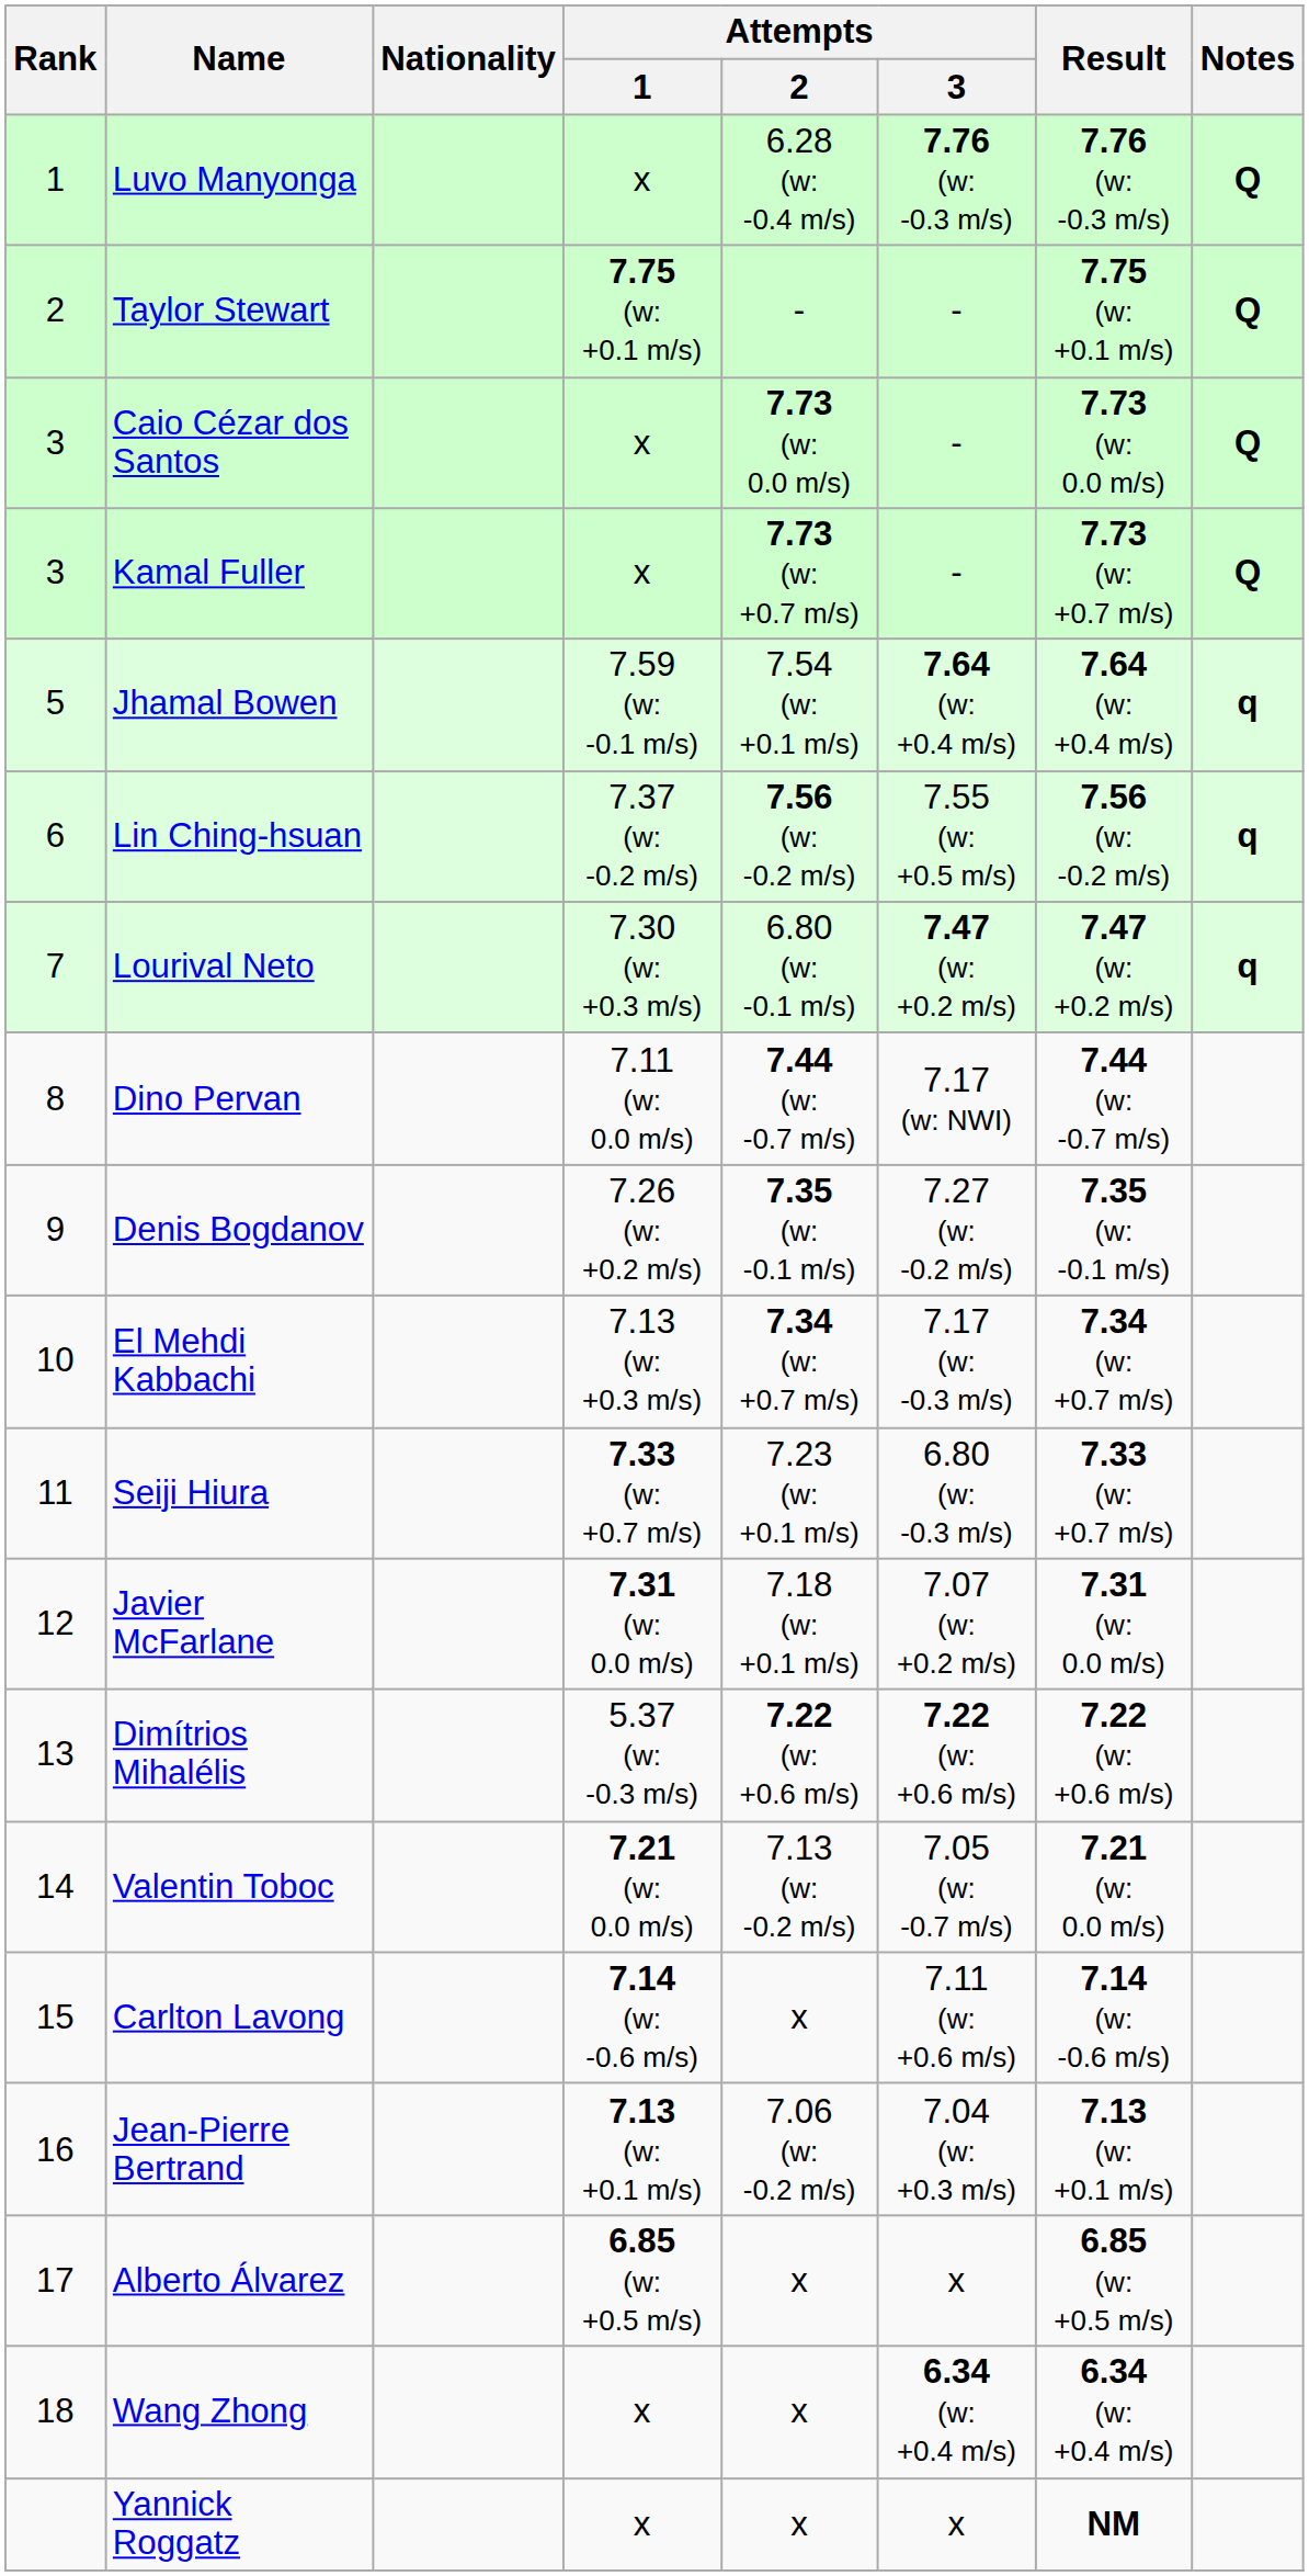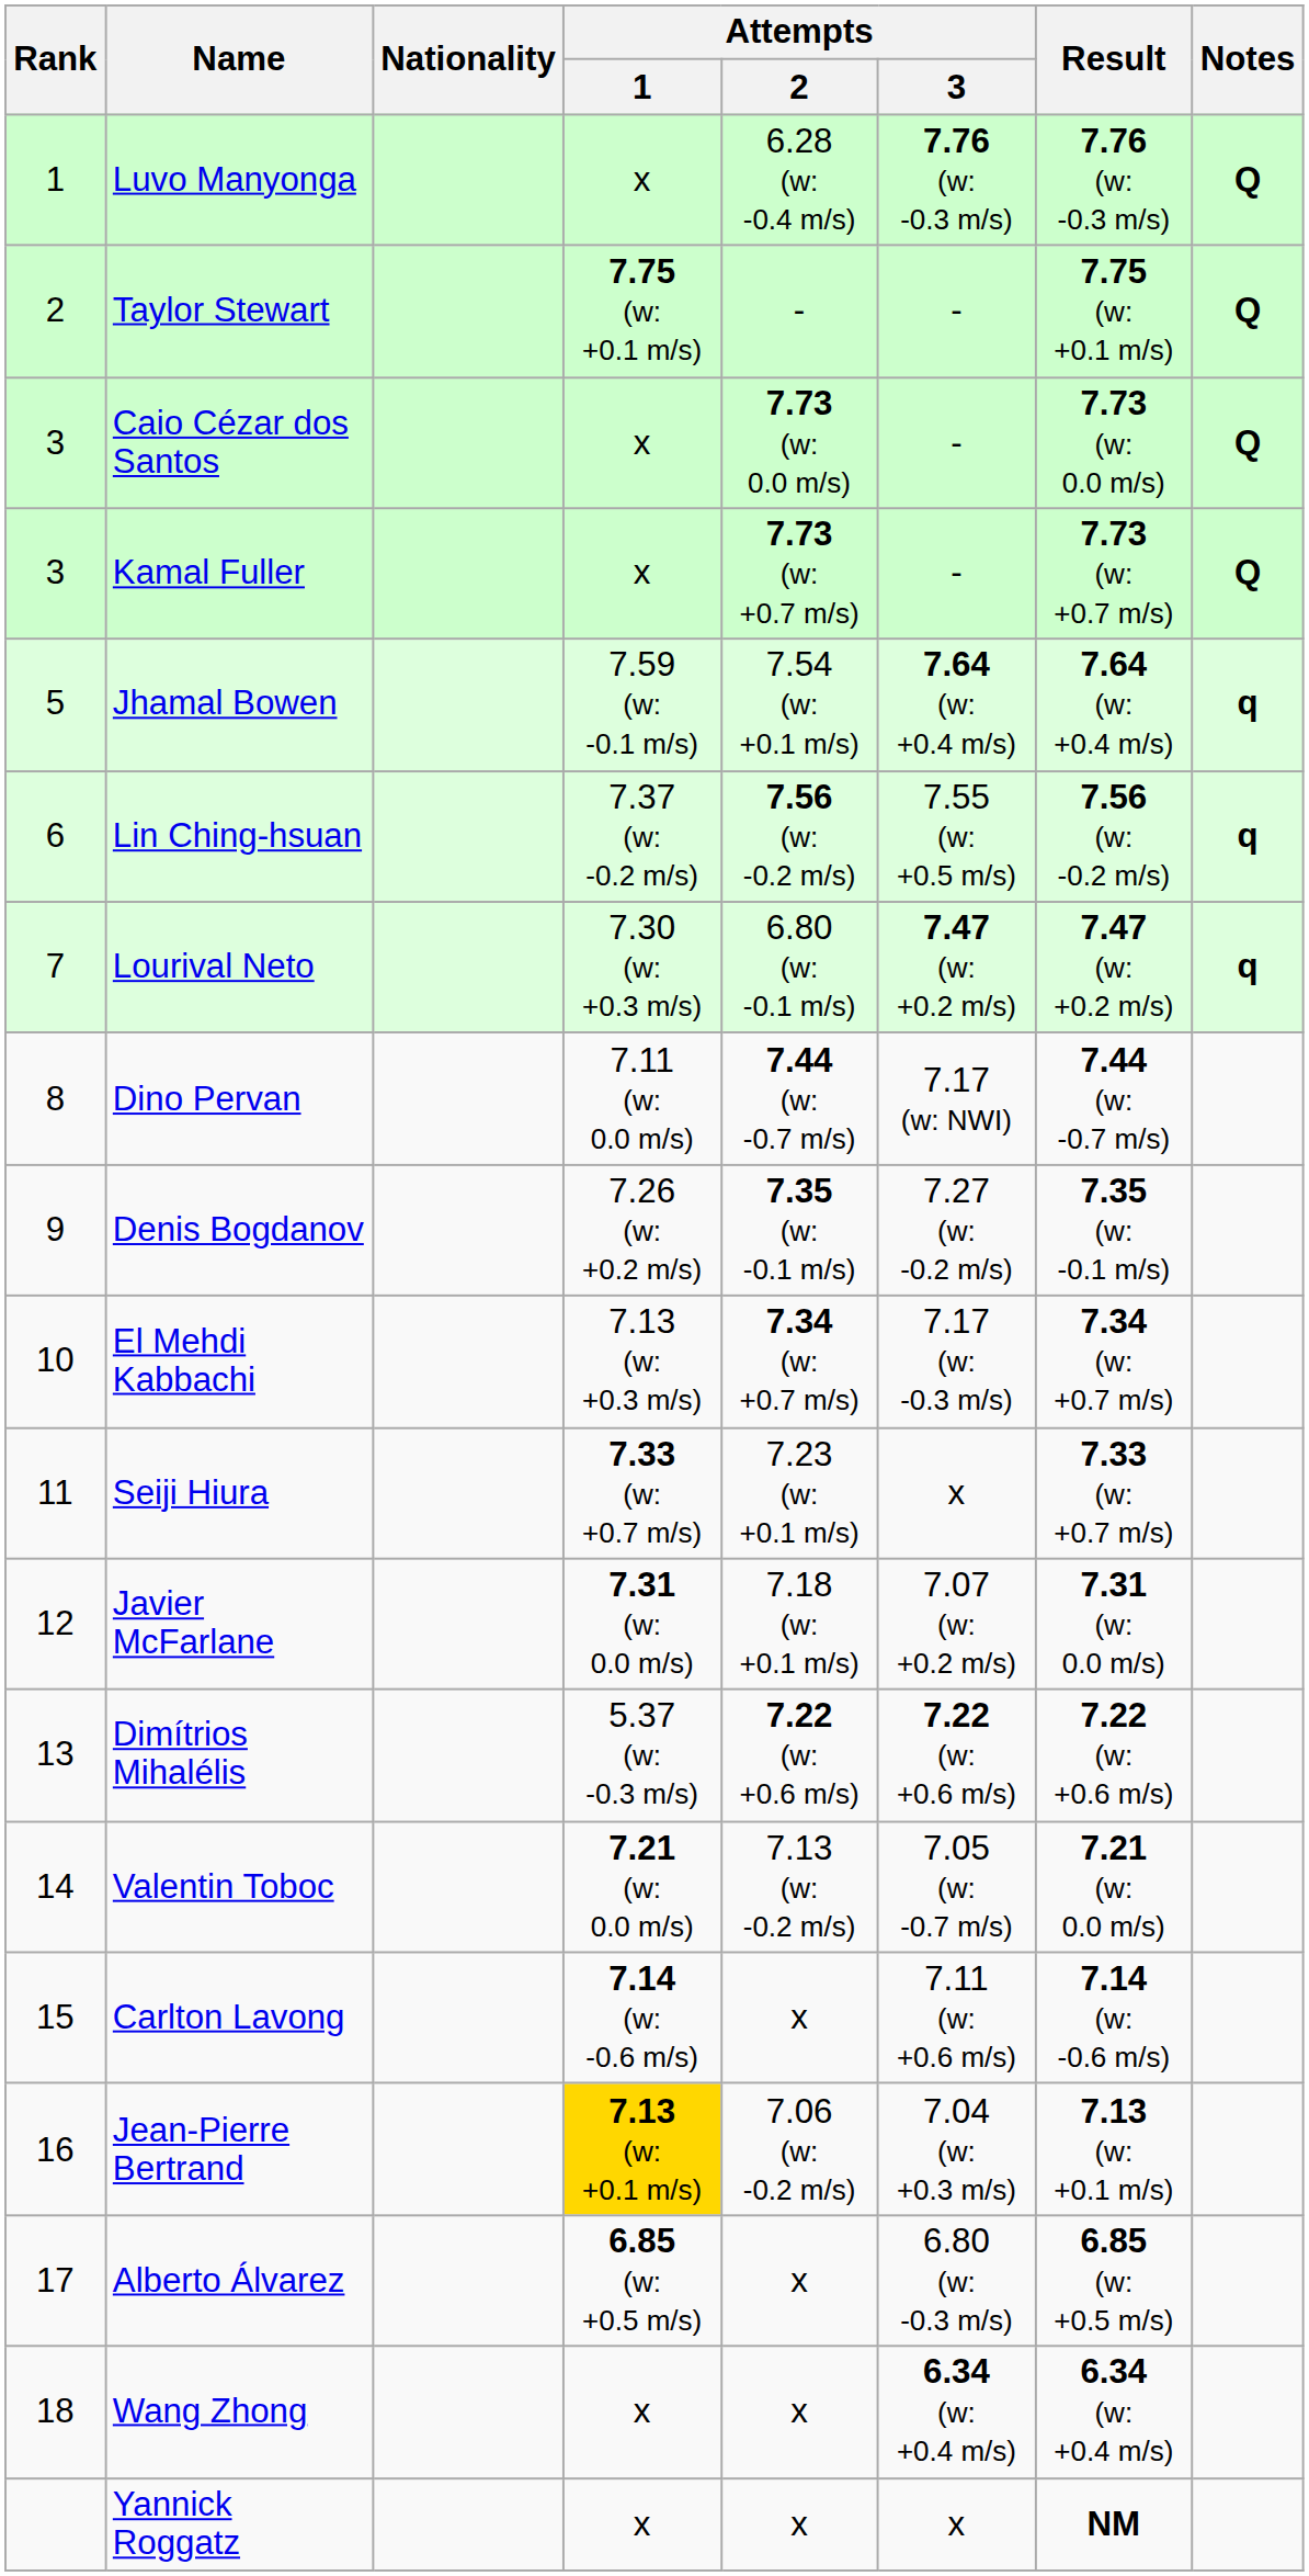 <table class="wikitable sortable" style="text-align:center">
 <tr>
 <th rowspan=2>Rank</th>
 <th rowspan=2>Name</th>
 <th rowspan=2>Nationality</th>
 <th colspan=3>Attempts</th>
 <th rowspan=2>Result</th>
 <th rowspan=2>Notes</th>
 </tr>
 <tr>
 <th>1</th>
 <th>2</th>
 <th>3</th>
 </tr>
 <tr bgcolor=ccffcc>
 <td>1</td>
 <td align=left><a href='#'>Luvo Manyonga</a></td>
 <td align=left></td>
 <td>x</td>
 <td>6.28<br><small>(w: -0.4 m/s)</small></td>
 <td><strong>7.76</strong><br><small>(w: -0.3 m/s)</small></td>
 <td><strong>7.76</strong> <br><small>(w: -0.3 m/s)</small></td>
 <td><strong>Q</strong></td>
 </tr>
 <tr bgcolor=ccffcc>
 <td>2</td>
 <td align=left><a href='#'>Taylor Stewart</a></td>
 <td align=left></td>
 <td><strong>7.75</strong><br><small>(w: +0.1 m/s)</small></td>
 <td>-</td>
 <td>-</td>
 <td><strong>7.75</strong> <br><small>(w: +0.1 m/s)</small></td>
 <td><strong>Q</strong></td>
 </tr>
 <tr bgcolor=ccffcc>
 <td>3</td>
 <td align=left><a href='#'>Caio Cézar dos Santos</a></td>
 <td align=left></td>
 <td>x</td>
 <td><strong>7.73</strong><br><small>(w: 0.0 m/s)</small></td>
 <td>-</td>
 <td><strong>7.73</strong> <br><small>(w: 0.0 m/s)</small></td>
 <td><strong>Q</strong></td>
 </tr>
 <tr bgcolor=ccffcc>
 <td>3</td>
 <td align=left><a href='#'>Kamal Fuller</a></td>
 <td align=left></td>
 <td>x</td>
 <td><strong>7.73</strong><br><small>(w: +0.7 m/s)</small></td>
 <td>-</td>
 <td><strong>7.73</strong> <br><small>(w: +0.7 m/s)</small></td>
 <td><strong>Q</strong></td>
 </tr>
 <tr bgcolor=ddffdd>
 <td>5</td>
 <td align=left><a href='#'>Jhamal Bowen</a></td>
 <td align=left></td>
 <td>7.59<br><small>(w: -0.1 m/s)</small></td>
 <td>7.54<br><small>(w: +0.1 m/s)</small></td>
 <td><strong>7.64</strong><br><small>(w: +0.4 m/s)</small></td>
 <td><strong>7.64</strong> <br><small>(w: +0.4 m/s)</small></td>
 <td><strong>q</strong></td>
 </tr>
 <tr bgcolor=ddffdd>
 <td>6</td>
 <td align=left><a href='#'>Lin Ching-hsuan</a></td>
 <td align=left></td>
 <td>7.37<br><small>(w: -0.2 m/s)</small></td>
 <td><strong>7.56</strong><br><small>(w: -0.2 m/s)</small></td>
 <td>7.55<br><small>(w: +0.5 m/s)</small></td>
 <td><strong>7.56</strong> <br><small>(w: -0.2 m/s)</small></td>
 <td><strong>q</strong></td>
 </tr>
 <tr bgcolor=ddffdd>
 <td>7</td>
 <td align=left><a href='#'>Lourival Neto</a></td>
 <td align=left></td>
 <td>7.30<br><small>(w: +0.3 m/s)</small></td>
 <td>6.80<br><small>(w: -0.1 m/s)</small></td>
 <td><strong>7.47</strong><br><small>(w: +0.2 m/s)</small></td>
 <td><strong>7.47</strong> <br><small>(w: +0.2 m/s)</small></td>
 <td><strong>q</strong></td>
 </tr>
 <tr>
 <td>8</td>
 <td align=left><a href='#'>Dino Pervan</a></td>
 <td align=left></td>
 <td>7.11<br><small>(w: 0.0 m/s)</small></td>
 <td><strong>7.44</strong><br><small>(w: -0.7 m/s)</small></td>
 <td>7.17<br><small>(w: NWI)</small></td>
 <td><strong>7.44</strong> <br><small>(w: -0.7 m/s)</small></td>
 <td></td>
 </tr>
 <tr>
 <td>9</td>
 <td align=left><a href='#'>Denis Bogdanov</a></td>
 <td align=left></td>
 <td>7.26<br><small>(w: +0.2 m/s)</small></td>
 <td><strong>7.35</strong><br><small>(w: -0.1 m/s)</small></td>
 <td>7.27<br><small>(w: -0.2 m/s)</small></td>
 <td><strong>7.35</strong> <br><small>(w: -0.1 m/s)</small></td>
 <td></td>
 </tr>
 <tr>
 <td>10</td>
 <td align=left><a href='#'>El Mehdi Kabbachi</a></td>
 <td align=left></td>
 <td>7.13<br><small>(w: +0.3 m/s)</small></td>
 <td><strong>7.34</strong><br><small>(w: +0.7 m/s)</small></td>
 <td>7.17<br><small>(w: -0.3 m/s)</small></td>
 <td><strong>7.34</strong> <br><small>(w: +0.7 m/s)</small></td>
 <td></td>
 </tr>
 <tr>
 <td>11</td>
 <td align=left><a href='#'>Seiji Hiura</a></td>
 <td align=left></td>
 <td><strong>7.33</strong><br><small>(w: +0.7 m/s)</small></td>
 <td>7.23<br><small>(w: +0.1 m/s)</small></td>
-<td>6.80<br><small>(w: -0.3 m/s)</small></td>
+<td>x</td>
 <td><strong>7.33</strong> <br><small>(w: +0.7 m/s)</small></td>
 <td></td>
 </tr>
 <tr>
 <td>12</td>
 <td align=left><a href='#'>Javier McFarlane</a></td>
 <td align=left></td>
 <td><strong>7.31</strong><br><small>(w: 0.0 m/s)</small></td>
 <td>7.18<br><small>(w: +0.1 m/s)</small></td>
 <td>7.07<br><small>(w: +0.2 m/s)</small></td>
 <td><strong>7.31</strong> <br><small>(w: 0.0 m/s)</small></td>
 <td></td>
 </tr>
 <tr>
 <td>13</td>
 <td align=left><a href='#'>Dimítrios Mihalélis</a></td>
 <td align=left></td>
 <td>5.37<br><small>(w: -0.3 m/s)</small></td>
 <td><strong>7.22</strong><br><small>(w: +0.6 m/s)</small></td>
 <td><strong>7.22</strong><br><small>(w: +0.6 m/s)</small></td>
 <td><strong>7.22</strong> <br><small>(w: +0.6 m/s)</small></td>
 <td></td>
 </tr>
 <tr>
 <td>14</td>
 <td align=left><a href='#'>Valentin Toboc</a></td>
 <td align=left></td>
 <td><strong>7.21</strong><br><small>(w: 0.0 m/s)</small></td>
 <td>7.13<br><small>(w: -0.2 m/s)</small></td>
 <td>7.05<br><small>(w: -0.7 m/s)</small></td>
 <td><strong>7.21</strong> <br><small>(w: 0.0 m/s)</small></td>
 <td></td>
 </tr>
 <tr>
 <td>15</td>
 <td align=left><a href='#'>Carlton Lavong</a></td>
 <td align=left></td>
 <td><strong>7.14</strong><br><small>(w: -0.6 m/s)</small></td>
 <td>x</td>
 <td>7.11<br><small>(w: +0.6 m/s)</small></td>
 <td><strong>7.14</strong> <br><small>(w: -0.6 m/s)</small></td>
 <td></td>
 </tr>
 <tr>
 <td>16</td>
 <td align=left><a href='#'>Jean-Pierre Bertrand</a></td>
 <td align=left></td>
-<td><strong>7.13</strong><br><small>(w: +0.1 m/s)</small></td>
+<td style="background: gold;"><strong>7.13</strong><br><small>(w: +0.1 m/s)</small></td>
 <td>7.06<br><small>(w: -0.2 m/s)</small></td>
 <td>7.04<br><small>(w: +0.3 m/s)</small></td>
 <td><strong>7.13</strong> <br><small>(w: +0.1 m/s)</small></td>
 <td></td>
 </tr>
 <tr>
 <td>17</td>
 <td align=left><a href='#'>Alberto Álvarez</a></td>
 <td align=left></td>
 <td><strong>6.85</strong><br><small>(w: +0.5 m/s)</small></td>
 <td>x</td>
-<td>x</td>
+<td>6.80<br><small>(w: -0.3 m/s)</small></td>
 <td><strong>6.85</strong> <br><small>(w: +0.5 m/s)</small></td>
 <td></td>
 </tr>
 <tr>
 <td>18</td>
 <td align=left><a href='#'>Wang Zhong</a></td>
 <td align=left></td>
 <td>x</td>
 <td>x</td>
 <td><strong>6.34</strong><br><small>(w: +0.4 m/s)</small></td>
 <td><strong>6.34</strong> <br><small>(w: +0.4 m/s)</small></td>
 <td></td>
 </tr>
 <tr>
 <td></td>
 <td align=left><a href='#'>Yannick Roggatz</a></td>
 <td align=left></td>
 <td>x</td>
 <td>x</td>
 <td>x</td>
 <td><strong>NM</strong></td>
 <td></td>
 </tr>
 </table>
